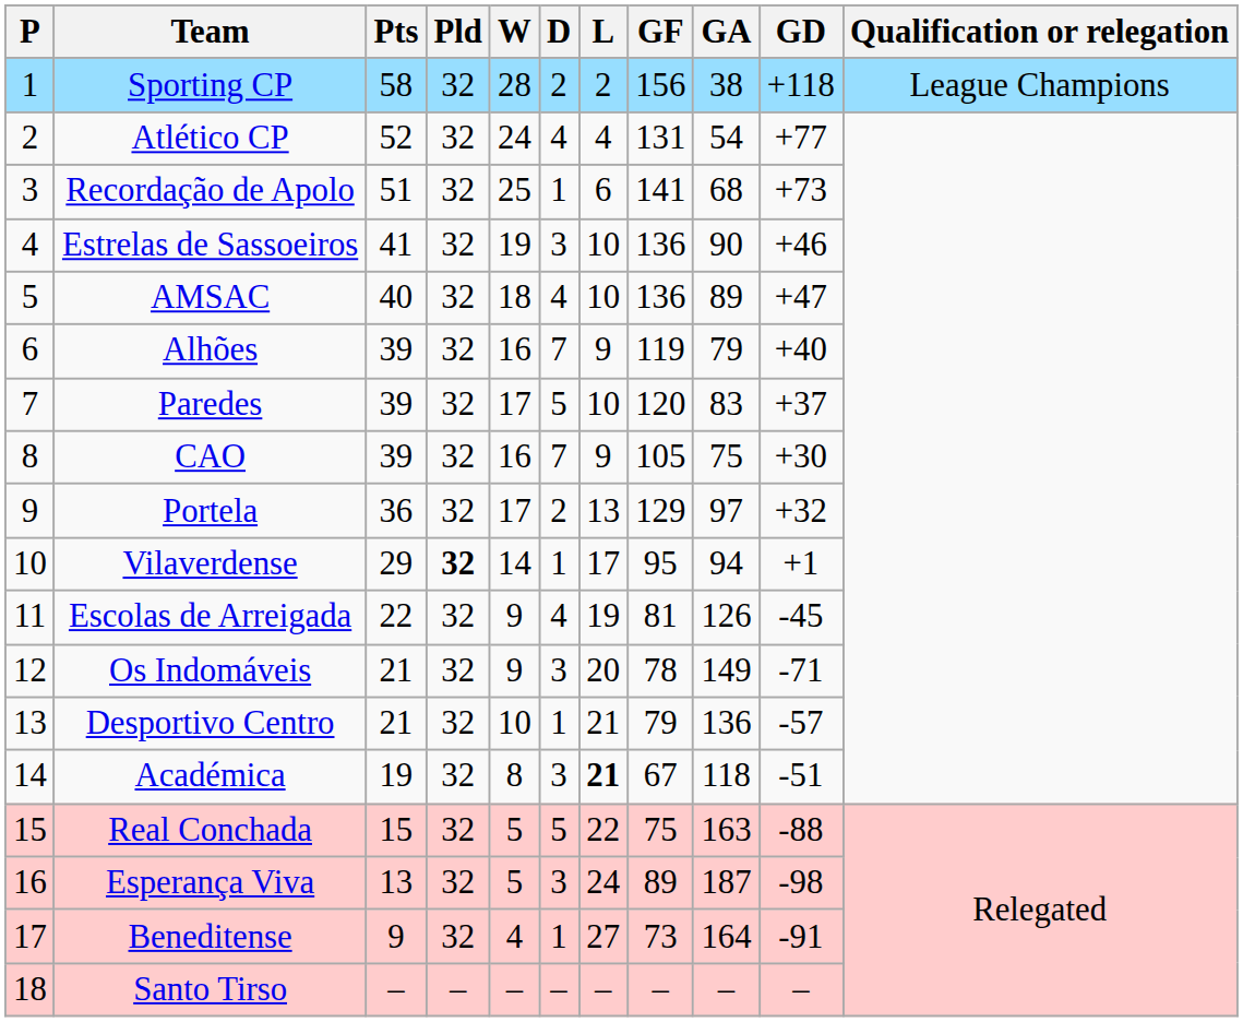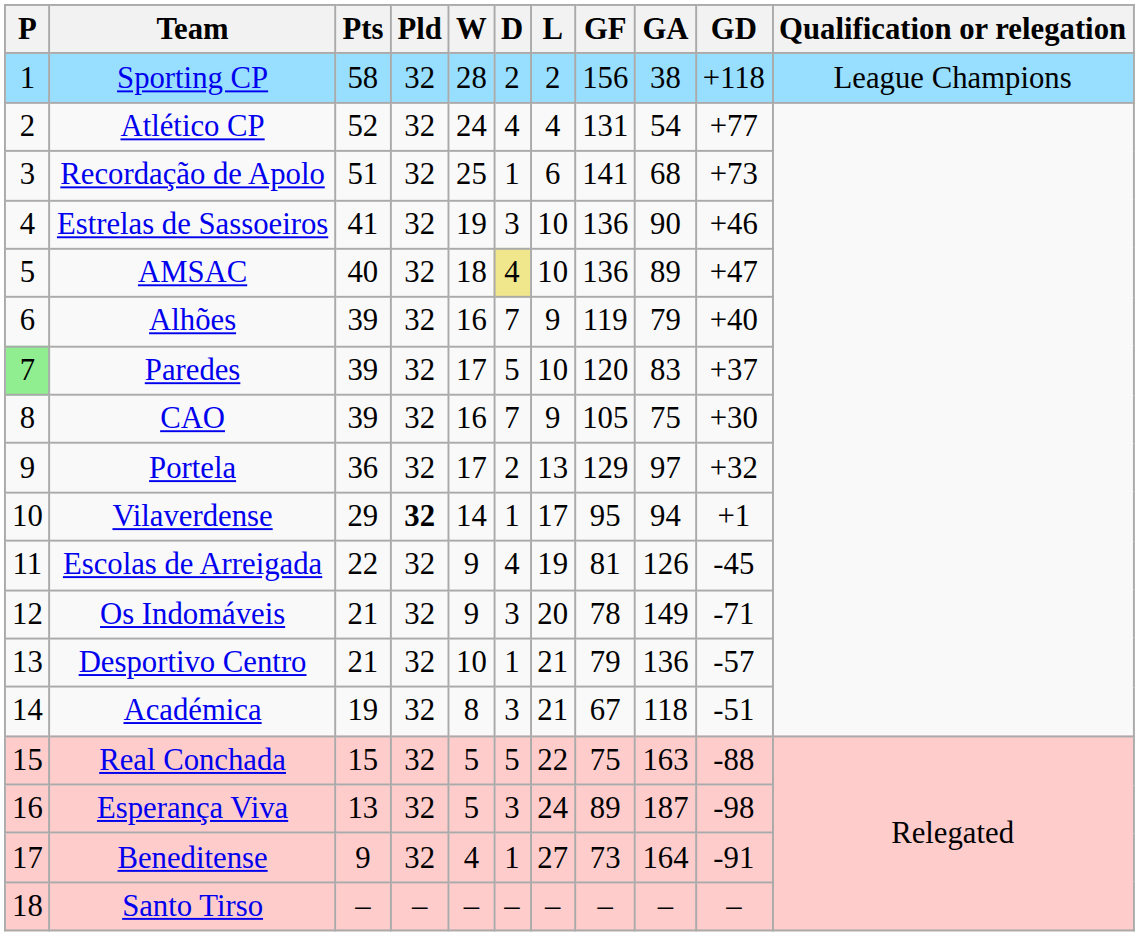 <table class="wikitable sortable" style="text-align: center;">
 <tr>
 <th align="center">P</th>
 <th align="center">Team</th>
 <th align="center">Pts</th>
 <th align="center">Pld</th>
 <th align="center">W</th>
 <th align="center">D</th>
 <th align="center">L</th>
 <th align="center">GF</th>
 <th align="center">GA</th>
 <th align="center">GD</th>
 <th align="center">Qualification or relegation</th>
 </tr>
 <tr ! style="background:#97DEFF;">
 <td>1</td>
 <td><a href='#'>Sporting CP</a></td>
 <td>58</td>
 <td>32</td>
 <td>28</td>
 <td>2</td>
 <td>2</td>
 <td>156</td>
 <td>38</td>
 <td>+118</td>
 <td rowspan=1 align="center">League Champions</td>
 </tr>
 <tr>
 <td>2</td>
 <td><a href='#'>Atlético CP</a></td>
 <td>52</td>
 <td>32</td>
 <td>24</td>
 <td>4</td>
 <td>4</td>
 <td>131</td>
 <td>54</td>
 <td>+77</td>
 <td rowspan=13></td>
 </tr>
 <tr>
 <td>3</td>
 <td><a href='#'>Recordação de Apolo</a></td>
 <td>51</td>
 <td>32</td>
 <td>25</td>
 <td>1</td>
 <td>6</td>
 <td>141</td>
 <td>68</td>
 <td>+73</td>
 </tr>
 <tr>
 <td>4</td>
 <td><a href='#'>Estrelas de Sassoeiros</a></td>
 <td>41</td>
 <td>32</td>
 <td>19</td>
 <td>3</td>
 <td>10</td>
 <td>136</td>
 <td>90</td>
 <td>+46</td>
 </tr>
 <tr>
 <td>5</td>
 <td><a href='#'>AMSAC</a></td>
 <td>40</td>
 <td>32</td>
 <td>18</td>
-<td>4</td>
+<td style="background: khaki;">4</td>
 <td>10</td>
 <td>136</td>
 <td>89</td>
 <td>+47</td>
 </tr>
 <tr>
 <td>6</td>
 <td><a href='#'>Alhões</a></td>
 <td>39</td>
 <td>32</td>
 <td>16</td>
 <td>7</td>
 <td>9</td>
 <td>119</td>
 <td>79</td>
 <td>+40</td>
 </tr>
 <tr>
-<td>7</td>
+<td style="background: lightgreen;">7</td>
 <td><a href='#'>Paredes</a></td>
 <td>39</td>
 <td>32</td>
 <td>17</td>
 <td>5</td>
 <td>10</td>
 <td>120</td>
 <td>83</td>
 <td>+37</td>
 </tr>
 <tr>
 <td>8</td>
 <td><a href='#'>CAO</a></td>
 <td>39</td>
 <td>32</td>
 <td>16</td>
 <td>7</td>
 <td>9</td>
 <td>105</td>
 <td>75</td>
 <td>+30</td>
 </tr>
 <tr>
 <td>9</td>
 <td><a href='#'>Portela</a></td>
 <td>36</td>
 <td>32</td>
 <td>17</td>
 <td>2</td>
 <td>13</td>
 <td>129</td>
 <td>97</td>
 <td>+32</td>
 </tr>
 <tr>
 <td>10</td>
 <td><a href='#'>Vilaverdense</a></td>
 <td>29</td>
 <td><strong>32</strong></td>
 <td>14</td>
 <td>1</td>
 <td>17</td>
 <td>95</td>
 <td>94</td>
 <td>+1</td>
 </tr>
 <tr>
 <td>11</td>
 <td><a href='#'>Escolas de Arreigada</a></td>
 <td>22</td>
 <td>32</td>
 <td>9</td>
 <td>4</td>
 <td>19</td>
 <td>81</td>
 <td>126</td>
 <td>-45</td>
 </tr>
 <tr>
 <td>12</td>
 <td><a href='#'>Os Indomáveis</a></td>
 <td>21</td>
 <td>32</td>
 <td>9</td>
 <td>3</td>
 <td>20</td>
 <td>78</td>
 <td>149</td>
 <td>-71</td>
 </tr>
 <tr>
 <td>13</td>
 <td><a href='#'>Desportivo Centro</a></td>
 <td>21</td>
 <td>32</td>
 <td>10</td>
 <td>1</td>
 <td>21</td>
 <td>79</td>
 <td>136</td>
 <td>-57</td>
 </tr>
 <tr>
 <td>14</td>
 <td><a href='#'>Académica</a></td>
 <td>19</td>
 <td>32</td>
 <td>8</td>
 <td>3</td>
-<td><strong>21</strong></td>
+<td>21</td>
 <td>67</td>
 <td>118</td>
 <td>-51</td>
 </tr>
 <tr ! style="background:#FFCCCC;">
 <td>15</td>
 <td><a href='#'>Real Conchada</a></td>
 <td>15</td>
 <td>32</td>
 <td>5</td>
 <td>5</td>
 <td>22</td>
 <td>75</td>
 <td>163</td>
 <td>-88</td>
 <td rowspan=4 align="center">Relegated</td>
 </tr>
 <tr ! style="background:#FFCCCC;">
 <td>16</td>
 <td><a href='#'>Esperança Viva</a></td>
 <td>13</td>
 <td>32</td>
 <td>5</td>
 <td>3</td>
 <td>24</td>
 <td>89</td>
 <td>187</td>
 <td>-98</td>
 </tr>
 <tr ! style="background:#FFCCCC;">
 <td>17</td>
 <td><a href='#'>Beneditense</a></td>
 <td>9</td>
 <td>32</td>
 <td>4</td>
 <td>1</td>
 <td>27</td>
 <td>73</td>
 <td>164</td>
 <td>-91</td>
 </tr>
 <tr ! style="background:#FFCCCC;">
 <td>18</td>
 <td><a href='#'>Santo Tirso</a></td>
 <td>–</td>
 <td>–</td>
 <td>–</td>
 <td>–</td>
 <td>–</td>
 <td>–</td>
 <td>–</td>
 <td>–</td>
 </tr>
 </table>
